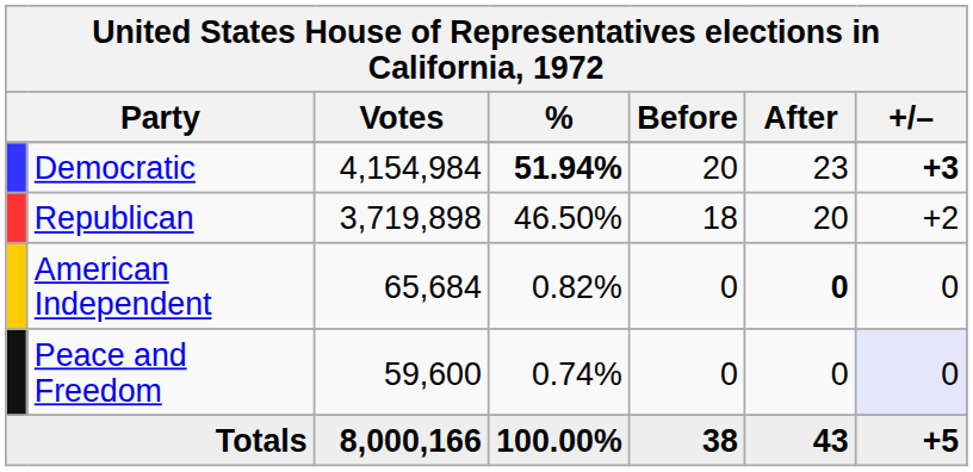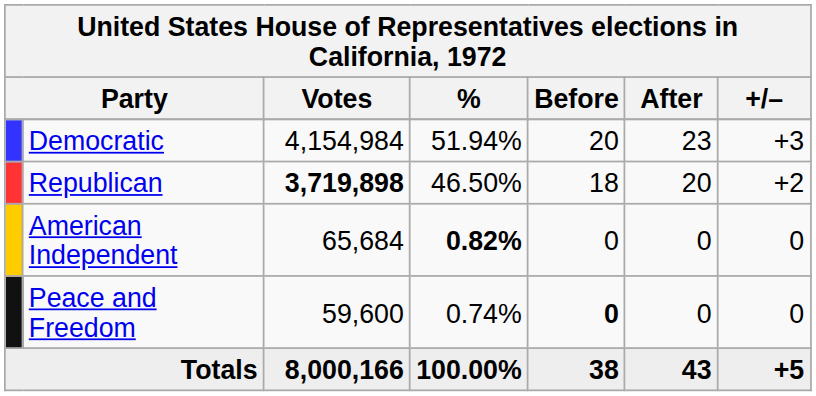 <table class="wikitable" style="font-size: 95%;">
 <tr>
 <th colspan="7">United States House of Representatives elections in California, 1972</th>
 </tr>
 <tr>
 <th colspan=2 style="width: 5em">Party</th>
 <th style="width: 5em">Votes</th>
 <th style="width: 3em">%</th>
 <th style="width: 3em">Before</th>
 <th style="width: 3em">After</th>
 <th style="width: 3em">+/–</th>
 </tr>
 <tr>
 </tr>
 <tr>
 <th style="background-color:#3333FF; width: 3px"></th>
 <td style="width: 130px"><a href='#'>Democratic</a></td>
 <td align="right">4,154,984</td>
-<td align="right"><strong>51.94%</strong></td>
+<td align="right">51.94%</td>
 <td align="right">20</td>
 <td align="right">23</td>
-<td align="right"><strong>+3</strong></td>
+<td align="right">+3</td>
 </tr>
 <tr>
 <th style="background-color:#FF3333; width: 3px"></th>
 <td style="width: 130px"><a href='#'>Republican</a></td>
-<td align="right">3,719,898</td>
+<td align="right"><strong>3,719,898</strong></td>
 <td align="right">46.50%</td>
 <td align="right">18</td>
 <td align="right">20</td>
 <td align="right">+2</td>
 </tr>
 <tr>
 <th style="background-color:#FFCC00; width: 3px"></th>
 <td style="width: 130px"><a href='#'>American Independent</a></td>
 <td align="right">65,684</td>
-<td align="right">0.82%</td>
+<td align="right"><strong>0.82%</strong></td>
 <td align="right">0</td>
-<td align="right"><strong>0</strong></td>
+<td align="right">0</td>
 <td align="right">0</td>
 </tr>
 <tr>
 <th style="background-color:#111111; width: 3px"></th>
 <td style="width: 130px"><a href='#'>Peace and Freedom</a></td>
 <td align="right">59,600</td>
 <td align="right">0.74%</td>
+<td align="right"><strong>0</strong></td>
 <td align="right">0</td>
 <td align="right">0</td>
-<td align="right" style="background: lavender;">0</td>
 </tr>
 <tr bgcolor="#EEEEEE">
 <td colspan="2" align="right"><strong>Totals</strong></td>
 <td align="right"><strong>8,000,166</strong></td>
 <td align="right"><strong>100.00%</strong></td>
 <td align="right"><strong>38</strong></td>
 <td align="right"><strong>43</strong></td>
 <td align="right"><strong>+5</strong></td>
 </tr>
 </table>
